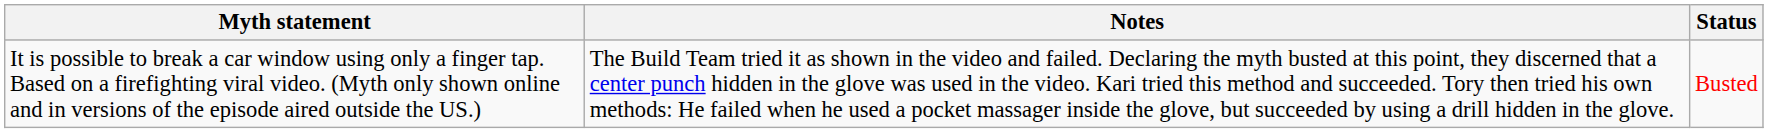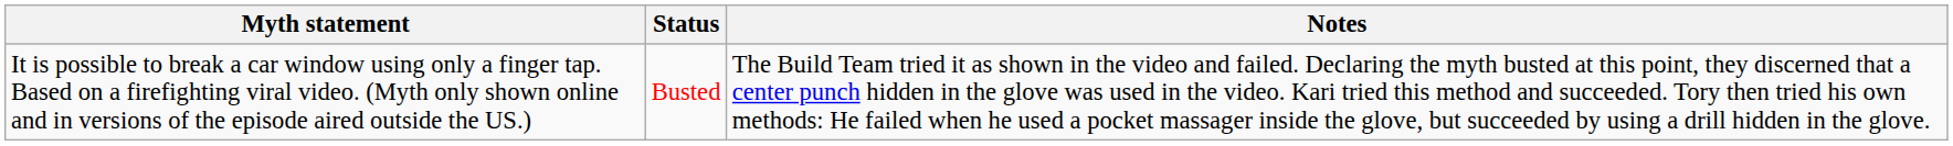 <table class="wikitable plainrowheaders">
 <tr>
 <th>Myth statement</th>
+<th>Status</th>
 <th>Notes</th>
-<th>Status</th>
 </tr>
 <tr>
 <td>It is possible to break a car window using only a finger tap. Based on a firefighting viral video. (Myth only shown online and in versions of the episode aired outside the US.)</td>
+<td style="color:red">Busted</td>
 <td>The Build Team tried it as shown in the video and failed. Declaring the myth busted at this point, they discerned that a <a href='#'>center punch</a> hidden in the glove was used in the video. Kari tried this method and succeeded. Tory then tried his own methods: He failed when he used a pocket massager inside the glove, but succeeded by using a drill hidden in the glove.</td>
-<td style="color:red">Busted</td>
 </tr>
 </table>
